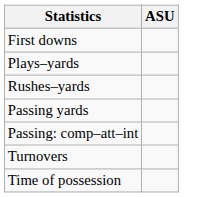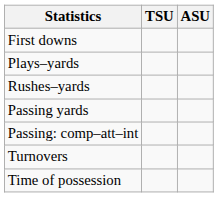 <table class="wikitable" style="float:left">
 <tr>
 <th>Statistics</th>
+<th>TSU</th>
 <th>ASU</th>
 </tr>
 <tr>
 <td>First downs</td>
 <td></td>
+<td></td>
 </tr>
 <tr>
 <td>Plays–yards</td>
+<td></td>
 <td></td>
 </tr>
 <tr>
 <td>Rushes–yards</td>
 <td></td>
+<td></td>
 </tr>
 <tr>
 <td>Passing yards</td>
+<td></td>
 <td></td>
 </tr>
 <tr>
 <td>Passing: comp–att–int</td>
 <td></td>
+<td></td>
 </tr>
 <tr>
 <td>Turnovers</td>
+<td></td>
 <td></td>
 </tr>
 <tr>
 <td>Time of possession</td>
 <td></td>
+<td></td>
 </tr>
 </table>
